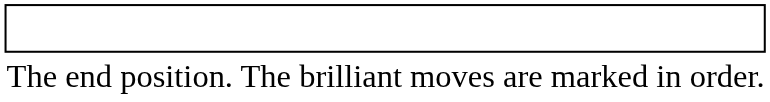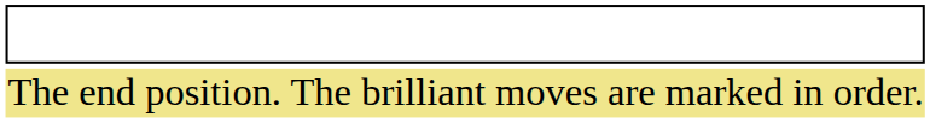 <table style="margin:1em;">
 <tr>
 <td style="border: solid thin; padding: 2px;"><br></td>
 </tr>
 <tr>
-<td style="text-align:center">The end position. The brilliant moves are marked in order.</td>
+<td style="background: khaki; text-align:center">The end position. The brilliant moves are marked in order.</td>
 </tr>
 </table>
